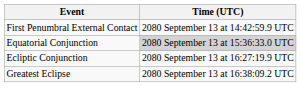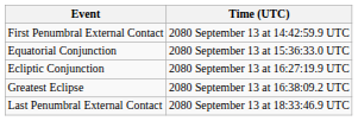 <table class="wikitable">
 <tr>
 <th>Event</th>
 <th>Time (UTC)</th>
 </tr>
 <tr>
 <td>First Penumbral External Contact</td>
 <td>2080 September 13 at 14:42:59.9 UTC</td>
 </tr>
 <tr>
 <td>Equatorial Conjunction</td>
-<td style="background: lightgrey;">2080 September 13 at 15:36:33.0 UTC</td>
+<td>2080 September 13 at 15:36:33.0 UTC</td>
 </tr>
 <tr>
 <td>Ecliptic Conjunction</td>
 <td>2080 September 13 at 16:27:19.9 UTC</td>
 </tr>
 <tr>
 <td>Greatest Eclipse</td>
 <td>2080 September 13 at 16:38:09.2 UTC</td>
 </tr>
+<tr>
+<td>Last Penumbral External Contact</td>
+<td>2080 September 13 at 18:33:46.9 UTC</td>
+</tr>
 </table>
